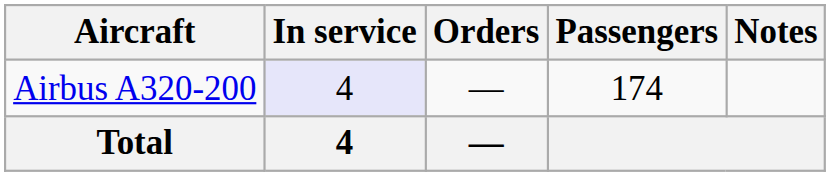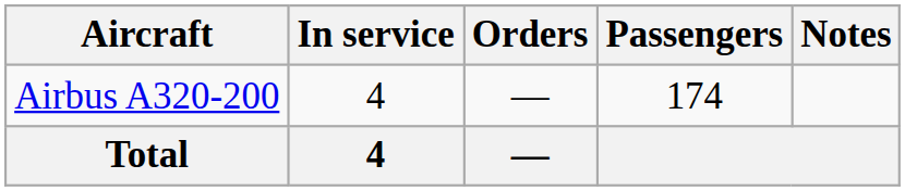 <table class="wikitable" style="text-align:center">
 <tr>
 <th>Aircraft</th>
 <th>In service</th>
 <th>Orders</th>
 <th>Passengers</th>
 <th>Notes</th>
 </tr>
 <tr>
 <td><a href='#'>Airbus A320-200</a></td>
-<td style="background: lavender;">4</td>
+<td>4</td>
 <td>—</td>
 <td>174</td>
 <td></td>
 </tr>
 <tr>
 <th>Total</th>
 <th>4</th>
 <th>—</th>
 <th colspan="2"></th>
 </tr>
 </table>
